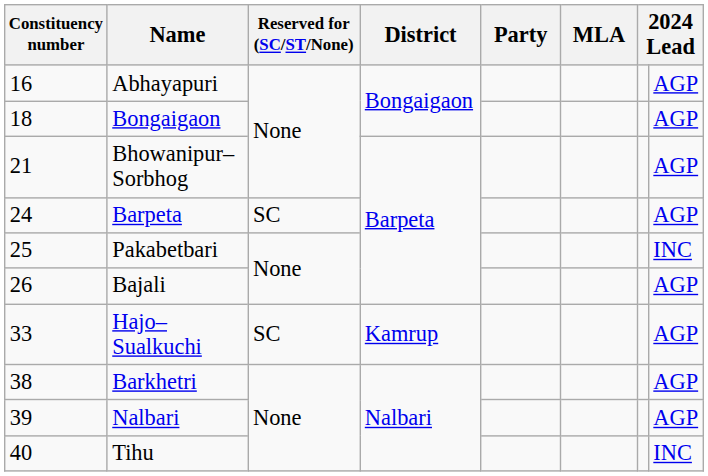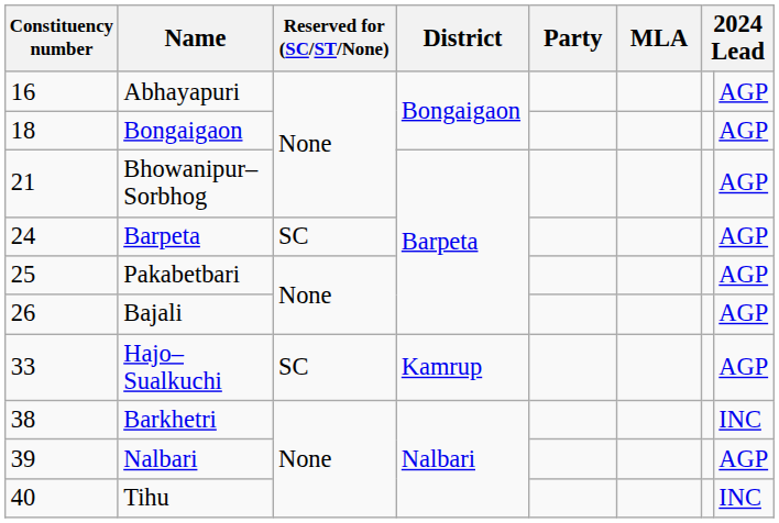 <table class="wikitable" width="500px">
 <tr>
 <th width="50px" style="font-size:75%">Constituency number</th>
 <th width="150px">Name</th>
 <th width="100px" style="font-size:75%">Reserved for (<a href='#'>SC</a>/<a href='#'>ST</a>/None)</th>
 <th width="100px">District</th>
 <th width="150px">Party</th>
 <th width="150px">MLA</th>
 <th colspan="2">2024 Lead</th>
 </tr>
 <tr>
 <td>16</td>
 <td>Abhayapuri</td>
 <td rowspan="3">None</td>
 <td rowspan="2"><a href='#'>Bongaigaon</a></td>
 <td></td>
 <td></td>
 <td style="background-color: "></td>
 <td><a href='#'>AGP</a></td>
 </tr>
 <tr>
 <td>18</td>
 <td><a href='#'>Bongaigaon</a></td>
 <td></td>
 <td></td>
 <td style="background-color: "></td>
 <td><a href='#'>AGP</a></td>
 </tr>
 <tr>
 <td>21</td>
 <td>Bhowanipur–Sorbhog</td>
 <td rowspan="4"><a href='#'>Barpeta</a></td>
 <td></td>
 <td></td>
 <td style="background-color: "></td>
 <td><a href='#'>AGP</a></td>
 </tr>
 <tr>
 <td>24</td>
 <td><a href='#'>Barpeta</a></td>
 <td>SC</td>
 <td></td>
 <td></td>
 <td style="background-color: "></td>
 <td><a href='#'>AGP</a></td>
 </tr>
 <tr>
 <td>25</td>
 <td>Pakabetbari</td>
 <td rowspan="2">None</td>
 <td></td>
 <td></td>
 <td style="background-color: "></td>
-<td><a href='#'>INC</a></td>
+<td><a href='#'>AGP</a></td>
 </tr>
 <tr>
 <td>26</td>
 <td>Bajali</td>
 <td></td>
 <td></td>
 <td style="background-color: "></td>
 <td><a href='#'>AGP</a></td>
 </tr>
 <tr>
 <td>33</td>
 <td><a href='#'>Hajo–Sualkuchi</a></td>
 <td>SC</td>
 <td><a href='#'>Kamrup</a></td>
 <td></td>
 <td></td>
 <td style="background-color: "></td>
 <td><a href='#'>AGP</a></td>
 </tr>
 <tr>
 <td>38</td>
 <td><a href='#'>Barkhetri</a></td>
 <td rowspan="3">None</td>
 <td rowspan="3"><a href='#'>Nalbari</a></td>
 <td></td>
 <td></td>
 <td style="background-color: "></td>
-<td><a href='#'>AGP</a></td>
+<td><a href='#'>INC</a></td>
 </tr>
 <tr>
 <td>39</td>
 <td><a href='#'>Nalbari</a></td>
 <td></td>
 <td></td>
 <td style="background-color: "></td>
 <td><a href='#'>AGP</a></td>
 </tr>
 <tr>
 <td>40</td>
 <td>Tihu</td>
 <td></td>
 <td></td>
 <td style="background-color: "></td>
 <td><a href='#'>INC</a></td>
 </tr>
 </table>
